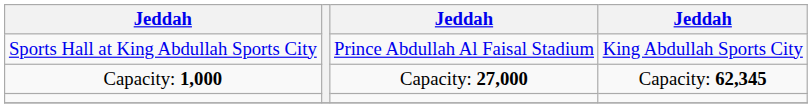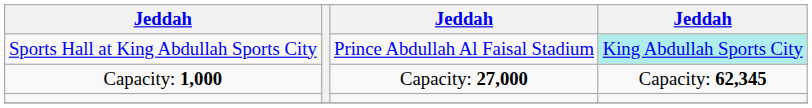 <table class="wikitable" style="text-align:center">
 <tr>
 <th><a href='#'>Jeddah</a></th>
 <th rowspan="4"></th>
 <th><a href='#'>Jeddah</a></th>
 <th><a href='#'>Jeddah</a></th>
 </tr>
 <tr>
 <td><a href='#'>Sports Hall at King Abdullah Sports City</a></td>
 <td><a href='#'>Prince Abdullah Al Faisal Stadium</a></td>
-<td><a href='#'>King Abdullah Sports City</a></td>
+<td style="background: paleturquoise;"><a href='#'>King Abdullah Sports City</a></td>
 </tr>
 <tr>
 <td>Capacity: <strong>1,000</strong></td>
 <td>Capacity: <strong>27,000</strong></td>
 <td>Capacity: <strong>62,345</strong></td>
 </tr>
 <tr>
 <td></td>
 <td></td>
 <td></td>
 </tr>
 <tr>
 </tr>
 </table>
